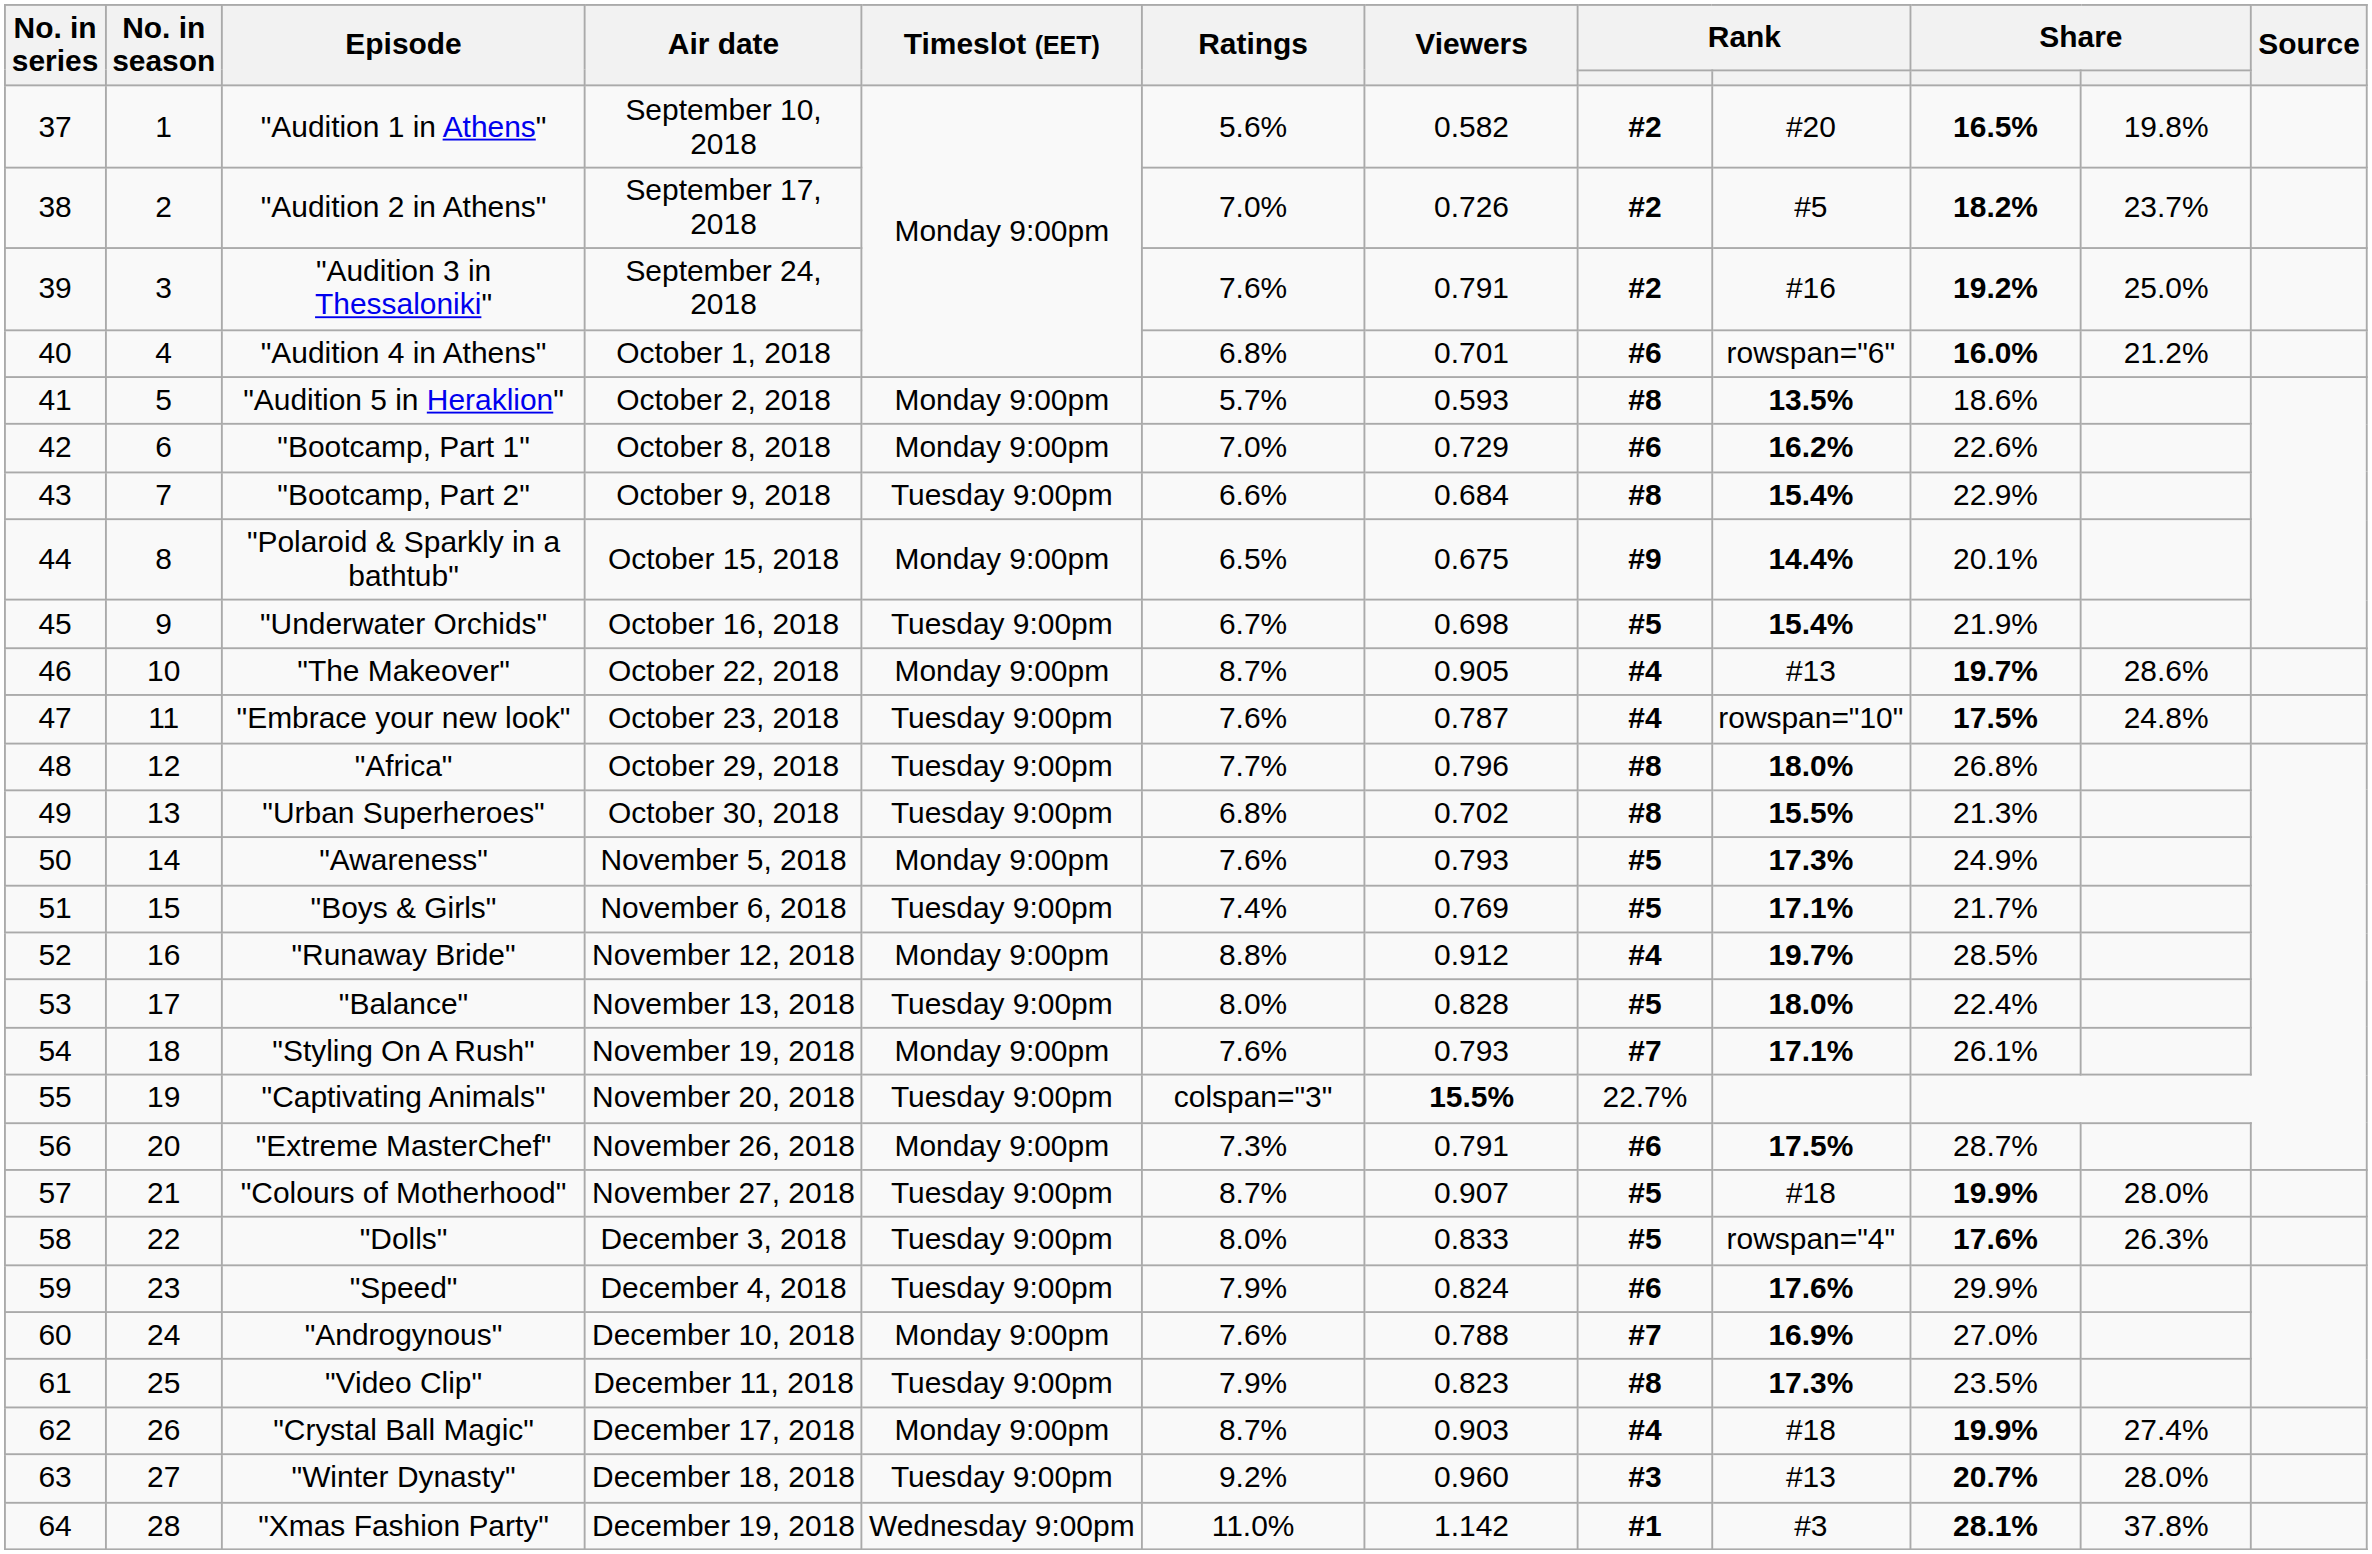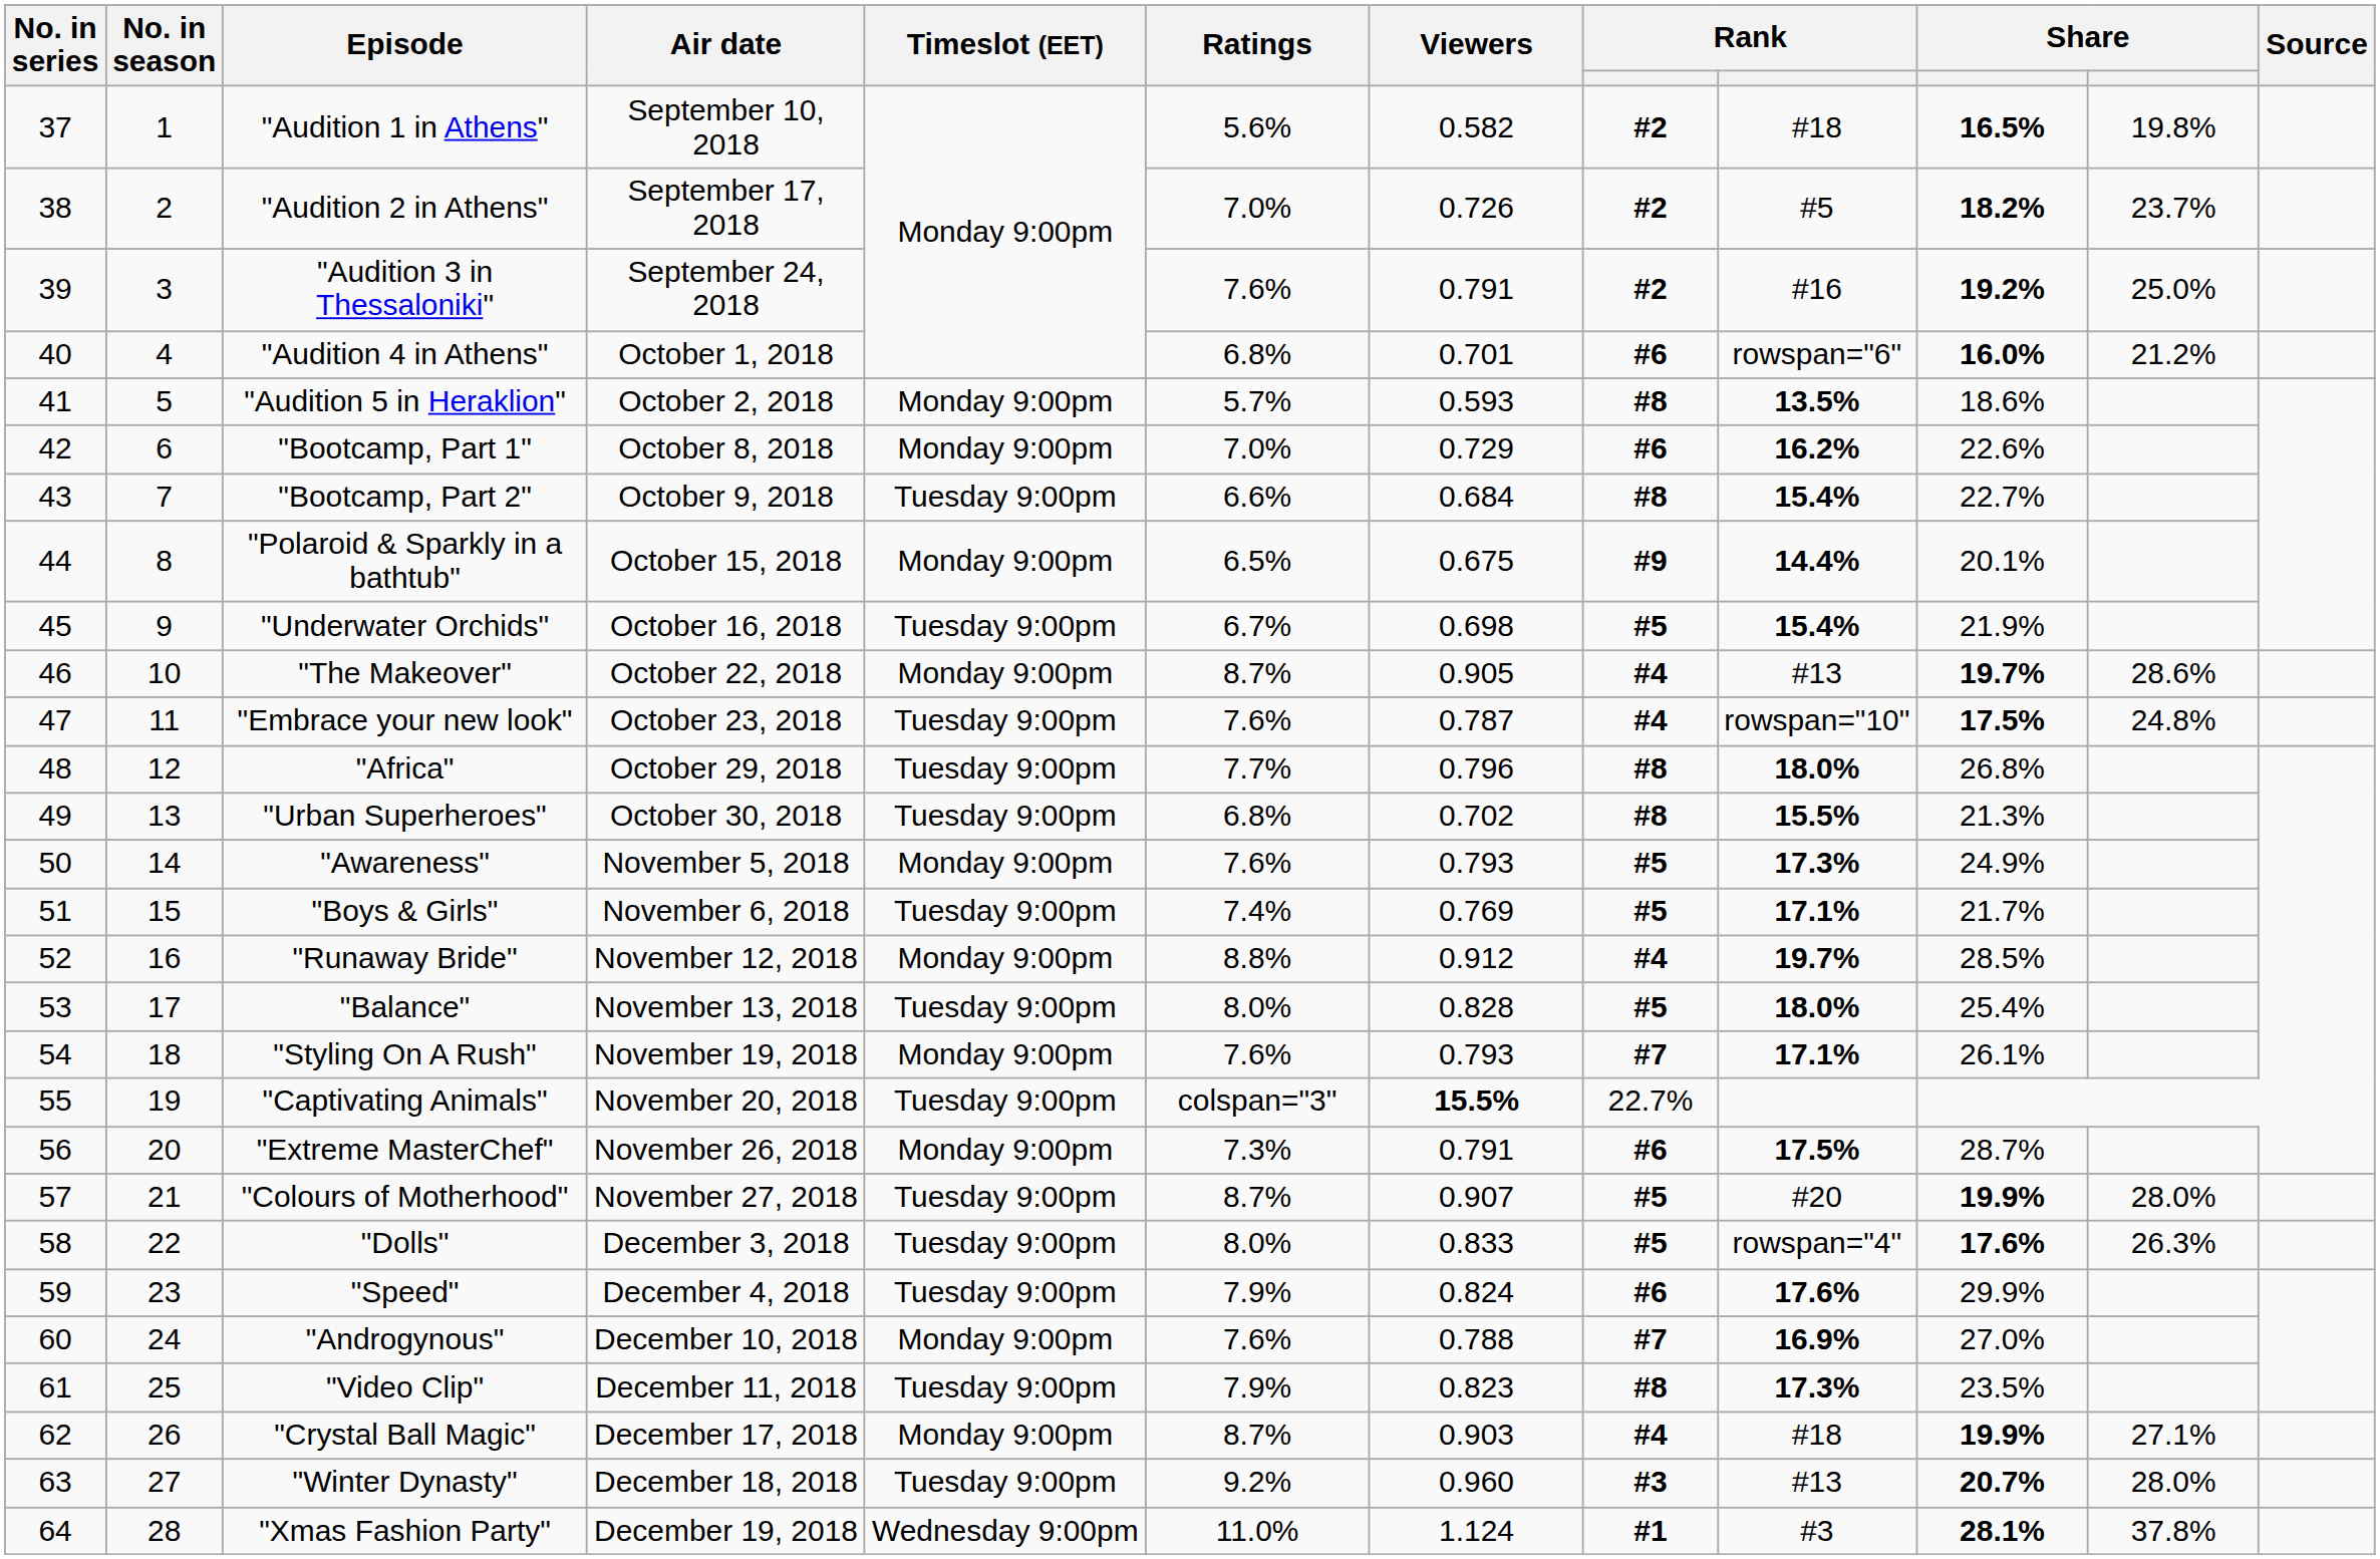 <table style="font-size:100%; text-align:center; width: 100%; margin-left: auto; margin-right: auto;" class="wikitable">
 <tr>
 <th rowspan="2" width="03%">No. in<br>series</th>
 <th rowspan="2" width="04%">No. in<br>season</th>
 <th rowspan="2" width="17%">Episode</th>
 <th rowspan="2" width="13%">Air date</th>
 <th rowspan="2" width="13%">Timeslot <small>(EET)</small></th>
 <th rowspan="2" width="10%">Ratings</th>
 <th rowspan="2" width="10%">Viewers<br><small></small></th>
 <th colspan="2" width="12%">Rank</th>
 <th colspan="2" width="20%">Share</th>
 <th rowspan="2" width="03%">Source</th>
 </tr>
 <tr style="font-size:85%;">
 <th width="06%"></th>
 <th width="06%"></th>
 <th width="08%"></th>
 <th width="08%"></th>
 </tr>
 <tr>
 <td>37</td>
 <td>1</td>
 <td>"Audition 1 in <a href='#'>Athens</a>"</td>
 <td>September 10, 2018</td>
 <td rowspan=4>Monday 9:00pm</td>
 <td>5.6%</td>
 <td>0.582</td>
 <td><strong>#2</strong></td>
-<td>#20</td>
+<td>#18</td>
 <td><strong>16.5%</strong></td>
 <td>19.8%</td>
 <td></td>
 </tr>
 <tr>
 <td>38</td>
 <td>2</td>
 <td>"Audition 2 in Athens"</td>
 <td>September 17, 2018</td>
 <td>7.0%</td>
 <td>0.726</td>
 <td><strong>#2</strong></td>
 <td>#5</td>
 <td><strong>18.2%</strong></td>
 <td>23.7%</td>
 <td></td>
 </tr>
 <tr>
 <td>39</td>
 <td>3</td>
 <td>"Audition 3 in <a href='#'>Thessaloniki</a>"</td>
 <td>September 24, 2018</td>
 <td>7.6%</td>
 <td>0.791</td>
 <td><strong>#2</strong></td>
 <td>#16</td>
 <td><strong>19.2%</strong></td>
 <td>25.0%</td>
 <td></td>
 </tr>
 <tr>
 <td>40</td>
 <td>4</td>
 <td>"Audition 4 in Athens"</td>
 <td>October 1, 2018</td>
 <td>6.8%</td>
 <td>0.701</td>
 <td><strong>#6</strong></td>
 <td>rowspan="6" </td>
 <td><strong>16.0%</strong></td>
 <td>21.2%</td>
 <td></td>
 </tr>
 <tr>
 <td>41</td>
 <td>5</td>
 <td>"Audition 5 in <a href='#'>Heraklion</a>"</td>
 <td>October 2, 2018</td>
 <td>Monday 9:00pm</td>
 <td>5.7%</td>
 <td>0.593</td>
 <td><strong>#8</strong></td>
 <td><strong>13.5%</strong></td>
 <td>18.6%</td>
 <td></td>
 </tr>
 <tr>
 <td>42</td>
 <td>6</td>
 <td>"Bootcamp, Part 1"</td>
 <td>October 8, 2018</td>
 <td>Monday 9:00pm</td>
 <td>7.0%</td>
 <td>0.729</td>
 <td><strong>#6</strong></td>
 <td><strong>16.2%</strong></td>
 <td>22.6%</td>
 <td></td>
 </tr>
 <tr>
 <td>43</td>
 <td>7</td>
 <td>"Bootcamp, Part 2"</td>
 <td>October 9, 2018</td>
 <td>Tuesday 9:00pm</td>
 <td>6.6%</td>
 <td>0.684</td>
 <td><strong>#8</strong></td>
 <td><strong>15.4%</strong></td>
-<td>22.9%</td>
+<td>22.7%</td>
 <td></td>
 </tr>
 <tr>
 <td>44</td>
 <td>8</td>
 <td>"Polaroid & Sparkly in a bathtub"</td>
 <td>October 15, 2018</td>
 <td>Monday 9:00pm</td>
 <td>6.5%</td>
 <td>0.675</td>
 <td><strong>#9</strong></td>
 <td><strong>14.4%</strong></td>
 <td>20.1%</td>
 <td></td>
 </tr>
 <tr>
 <td>45</td>
 <td>9</td>
 <td>"Underwater Orchids"</td>
 <td>October 16, 2018</td>
 <td>Tuesday 9:00pm</td>
 <td>6.7%</td>
 <td>0.698</td>
 <td><strong>#5</strong></td>
 <td><strong>15.4%</strong></td>
 <td>21.9%</td>
 <td></td>
 </tr>
 <tr>
 <td>46</td>
 <td>10</td>
 <td>"The Makeover"</td>
 <td>October 22, 2018</td>
 <td>Monday 9:00pm</td>
 <td>8.7%</td>
 <td>0.905</td>
 <td><strong>#4</strong></td>
 <td>#13</td>
 <td><strong>19.7%</strong></td>
 <td>28.6%</td>
 <td></td>
 </tr>
 <tr>
 <td>47</td>
 <td>11</td>
 <td>"Embrace your new look"</td>
 <td>October 23, 2018</td>
 <td>Tuesday 9:00pm</td>
 <td>7.6%</td>
 <td>0.787</td>
 <td><strong>#4</strong></td>
 <td>rowspan="10" </td>
 <td><strong>17.5%</strong></td>
 <td>24.8%</td>
 <td></td>
 </tr>
 <tr>
 <td>48</td>
 <td>12</td>
 <td>"Africa"</td>
 <td>October 29, 2018</td>
 <td>Tuesday 9:00pm</td>
 <td>7.7%</td>
 <td>0.796</td>
 <td><strong>#8</strong></td>
 <td><strong>18.0%</strong></td>
 <td>26.8%</td>
 <td></td>
 </tr>
 <tr>
 <td>49</td>
 <td>13</td>
 <td>"Urban Superheroes"</td>
 <td>October 30, 2018</td>
 <td>Tuesday 9:00pm</td>
 <td>6.8%</td>
 <td>0.702</td>
 <td><strong>#8</strong></td>
 <td><strong>15.5%</strong></td>
 <td>21.3%</td>
 <td></td>
 </tr>
 <tr>
 <td>50</td>
 <td>14</td>
 <td>"Awareness"</td>
 <td>November 5, 2018</td>
 <td>Monday 9:00pm</td>
 <td>7.6%</td>
 <td>0.793</td>
 <td><strong>#5</strong></td>
 <td><strong>17.3%</strong></td>
 <td>24.9%</td>
 <td></td>
 </tr>
 <tr>
 <td>51</td>
 <td>15</td>
 <td>"Boys & Girls"</td>
 <td>November 6, 2018</td>
 <td>Tuesday 9:00pm</td>
 <td>7.4%</td>
 <td>0.769</td>
 <td><strong>#5</strong></td>
 <td><strong>17.1%</strong></td>
 <td>21.7%</td>
 <td></td>
 </tr>
 <tr>
 <td>52</td>
 <td>16</td>
 <td>"Runaway Bride"</td>
 <td>November 12, 2018</td>
 <td>Monday 9:00pm</td>
 <td>8.8%</td>
 <td>0.912</td>
 <td><strong>#4</strong></td>
 <td><strong>19.7%</strong></td>
 <td>28.5%</td>
 <td></td>
 </tr>
 <tr>
 <td>53</td>
 <td>17</td>
 <td>"Balance"</td>
 <td>November 13, 2018</td>
 <td>Tuesday 9:00pm</td>
 <td>8.0%</td>
 <td>0.828</td>
 <td><strong>#5</strong></td>
 <td><strong>18.0%</strong></td>
-<td>22.4%</td>
+<td>25.4%</td>
 <td></td>
 </tr>
 <tr>
 <td>54</td>
 <td>18</td>
 <td>"Styling On A Rush"</td>
 <td>November 19, 2018</td>
 <td>Monday 9:00pm</td>
 <td>7.6%</td>
 <td>0.793</td>
 <td><strong>#7</strong></td>
 <td><strong>17.1%</strong></td>
 <td>26.1%</td>
 <td></td>
 </tr>
 <tr>
 <td>55</td>
 <td>19</td>
 <td>"Captivating Animals"</td>
 <td>November 20, 2018</td>
 <td>Tuesday 9:00pm</td>
 <td>colspan="3" </td>
 <td><strong>15.5%</strong></td>
 <td>22.7%</td>
 <td></td>
 </tr>
 <tr>
 <td>56</td>
 <td>20</td>
 <td>"Extreme MasterChef"</td>
 <td>November 26, 2018</td>
 <td>Monday 9:00pm</td>
 <td>7.3%</td>
 <td>0.791</td>
 <td><strong>#6</strong></td>
 <td><strong>17.5%</strong></td>
 <td>28.7%</td>
 <td></td>
 </tr>
 <tr>
 <td>57</td>
 <td>21</td>
 <td>"Colours of Motherhood"</td>
 <td>November 27, 2018</td>
 <td>Tuesday 9:00pm</td>
 <td>8.7%</td>
 <td>0.907</td>
 <td><strong>#5</strong></td>
-<td>#18</td>
+<td>#20</td>
 <td><strong>19.9%</strong></td>
 <td>28.0%</td>
 <td></td>
 </tr>
 <tr>
 <td>58</td>
 <td>22</td>
 <td>"Dolls"</td>
 <td>December 3, 2018</td>
 <td>Tuesday 9:00pm</td>
 <td>8.0%</td>
 <td>0.833</td>
 <td><strong>#5</strong></td>
 <td>rowspan="4" </td>
 <td><strong>17.6%</strong></td>
 <td>26.3%</td>
 <td></td>
 </tr>
 <tr>
 <td>59</td>
 <td>23</td>
 <td>"Speed"</td>
 <td>December 4, 2018</td>
 <td>Tuesday 9:00pm</td>
 <td>7.9%</td>
 <td>0.824</td>
 <td><strong>#6</strong></td>
 <td><strong>17.6%</strong></td>
 <td>29.9%</td>
 <td></td>
 </tr>
 <tr>
 <td>60</td>
 <td>24</td>
 <td>"Androgynous"</td>
 <td>December 10, 2018</td>
 <td>Monday 9:00pm</td>
 <td>7.6%</td>
 <td>0.788</td>
 <td><strong>#7</strong></td>
 <td><strong>16.9%</strong></td>
 <td>27.0%</td>
 <td></td>
 </tr>
 <tr>
 <td>61</td>
 <td>25</td>
 <td>"Video Clip"</td>
 <td>December 11, 2018</td>
 <td>Tuesday 9:00pm</td>
 <td>7.9%</td>
 <td>0.823</td>
 <td><strong>#8</strong></td>
 <td><strong>17.3%</strong></td>
 <td>23.5%</td>
 <td></td>
 </tr>
 <tr>
 <td>62</td>
 <td>26</td>
 <td>"Crystal Ball Magic"</td>
 <td>December 17, 2018</td>
 <td>Monday 9:00pm</td>
 <td>8.7%</td>
 <td>0.903</td>
 <td><strong>#4</strong></td>
 <td>#18</td>
 <td><strong>19.9%</strong></td>
-<td>27.4%</td>
+<td>27.1%</td>
 <td></td>
 </tr>
 <tr>
 <td>63</td>
 <td>27</td>
 <td>"Winter Dynasty"</td>
 <td>December 18, 2018</td>
 <td>Tuesday 9:00pm</td>
 <td>9.2%</td>
 <td>0.960</td>
 <td><strong>#3</strong></td>
 <td>#13</td>
 <td><strong>20.7%</strong></td>
 <td>28.0%</td>
 <td></td>
 </tr>
 <tr>
 <td>64</td>
 <td>28</td>
 <td>"Xmas Fashion Party"</td>
 <td>December 19, 2018</td>
 <td>Wednesday  9:00pm</td>
 <td>11.0%</td>
-<td>1.142</td>
+<td>1.124</td>
 <td><strong>#1</strong></td>
 <td>#3</td>
 <td><strong>28.1%</strong></td>
 <td>37.8%</td>
 <td></td>
 </tr>
 <tr>
 </tr>
 </table>
